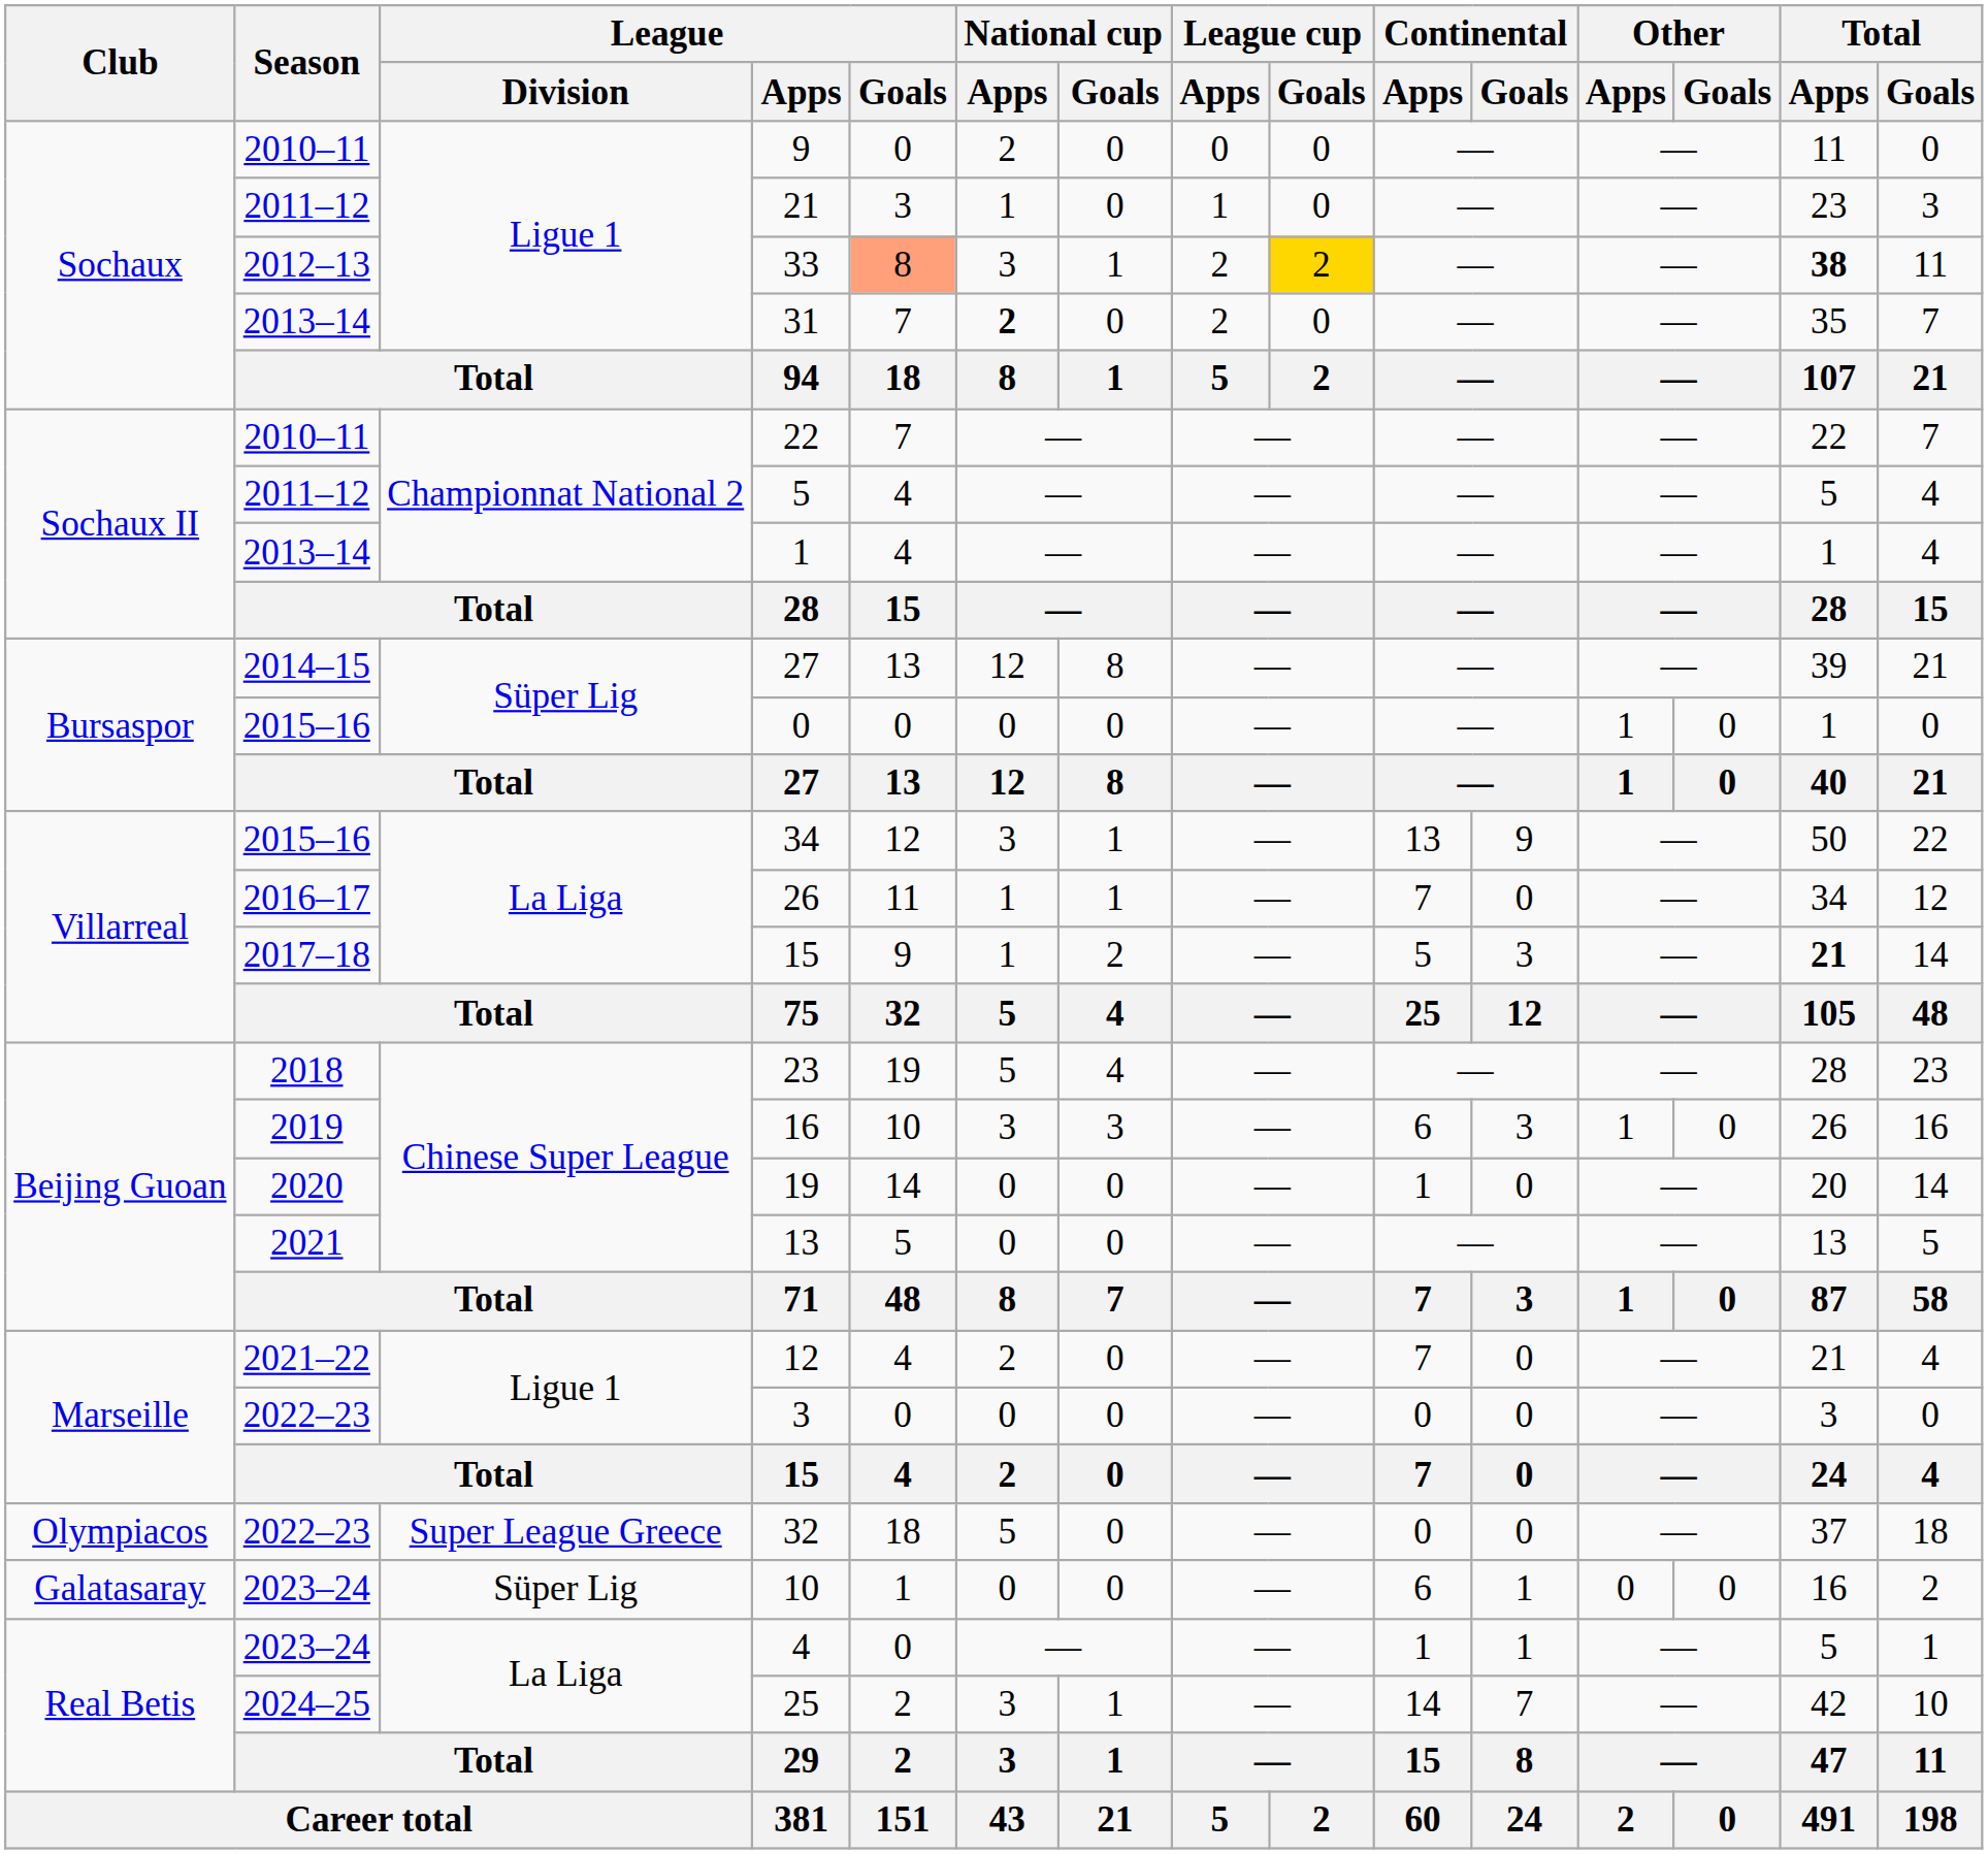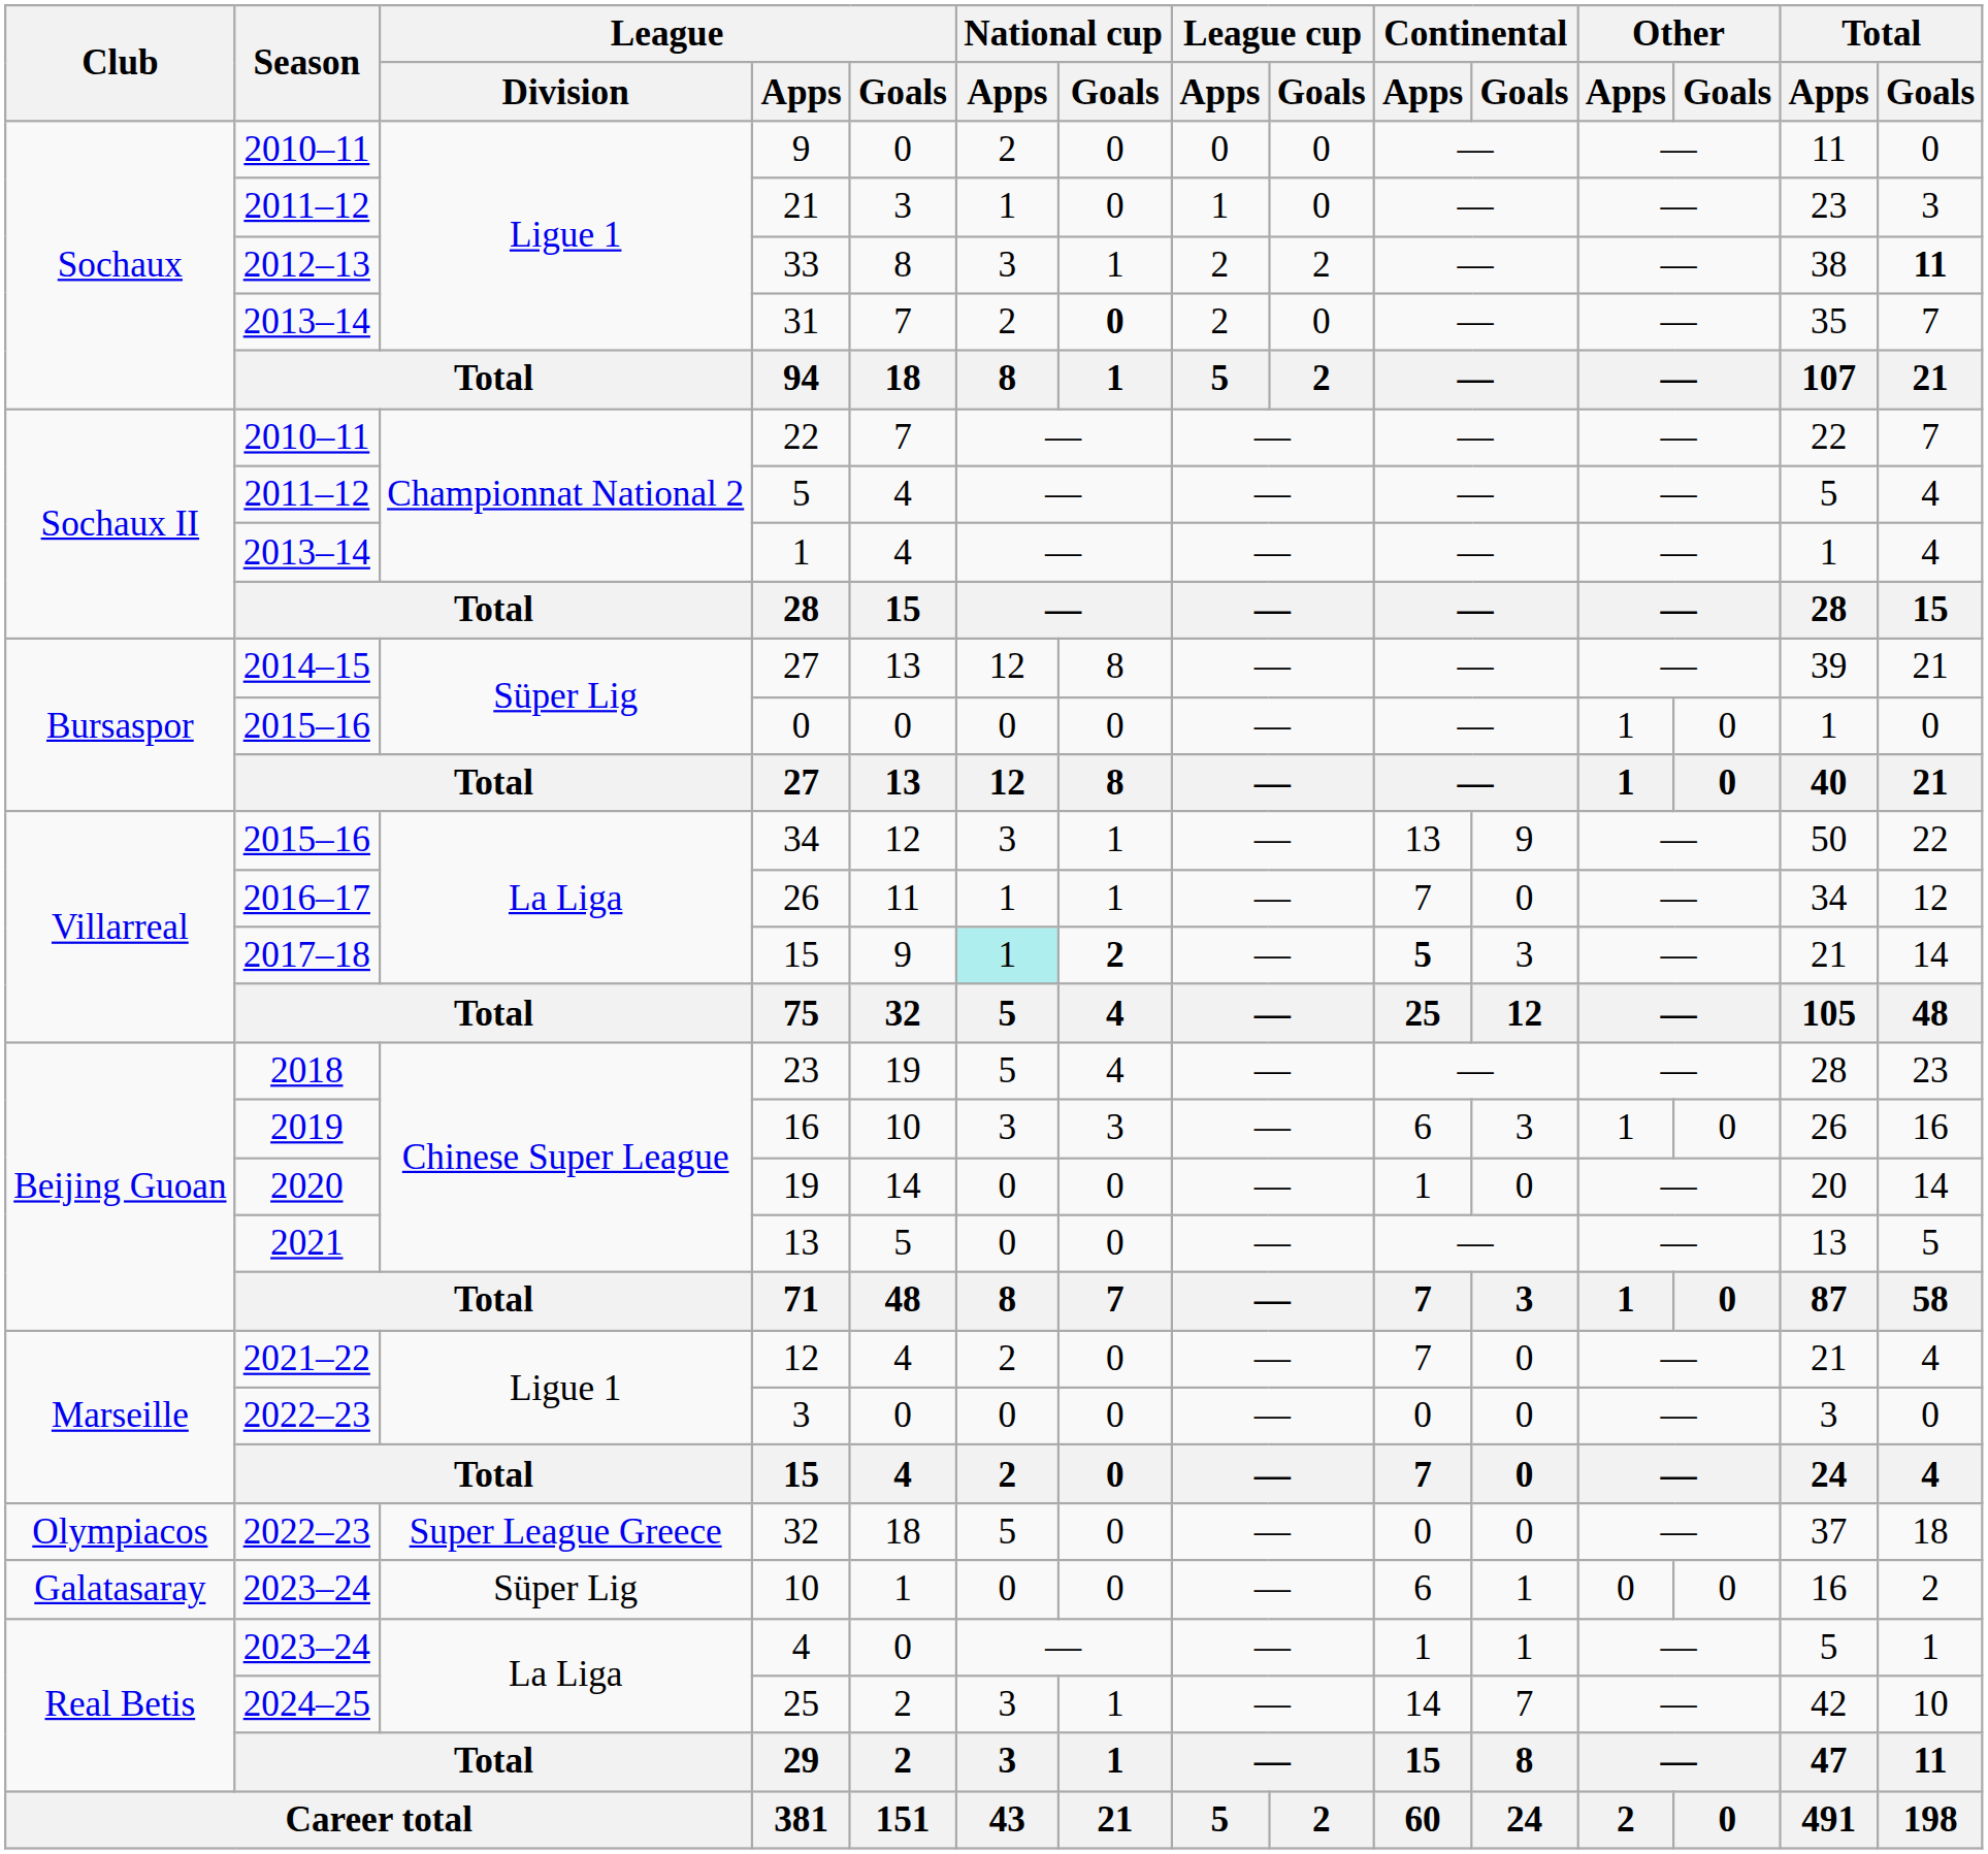 <table class="wikitable" style="text-align: center">
 <tr>
 <th rowspan="2">Club</th>
 <th rowspan="2">Season</th>
 <th colspan="3">League</th>
 <th colspan="2">National cup</th>
 <th colspan="2">League cup</th>
 <th colspan="2">Continental</th>
 <th colspan="2">Other</th>
 <th colspan="2">Total</th>
 </tr>
 <tr>
 <th>Division</th>
 <th>Apps</th>
 <th>Goals</th>
 <th>Apps</th>
 <th>Goals</th>
 <th>Apps</th>
 <th>Goals</th>
 <th>Apps</th>
 <th>Goals</th>
 <th>Apps</th>
 <th>Goals</th>
 <th>Apps</th>
 <th>Goals</th>
 </tr>
 <tr>
 <td rowspan="5"><a href='#'>Sochaux</a></td>
 <td><a href='#'>2010–11</a></td>
 <td rowspan="4"><a href='#'>Ligue 1</a></td>
 <td>9</td>
 <td>0</td>
 <td>2</td>
 <td>0</td>
 <td>0</td>
 <td>0</td>
 <td colspan="2">—</td>
 <td colspan="2">—</td>
 <td>11</td>
 <td>0</td>
 </tr>
 <tr>
 <td><a href='#'>2011–12</a></td>
 <td>21</td>
 <td>3</td>
 <td>1</td>
 <td>0</td>
 <td>1</td>
 <td>0</td>
 <td colspan="2">—</td>
 <td colspan="2">—</td>
 <td>23</td>
 <td>3</td>
 </tr>
 <tr>
 <td><a href='#'>2012–13</a></td>
 <td>33</td>
-<td style="background: lightsalmon;">8</td>
+<td>8</td>
 <td>3</td>
 <td>1</td>
 <td>2</td>
-<td style="background: gold;">2</td>
+<td>2</td>
 <td colspan="2">—</td>
 <td colspan="2">—</td>
-<td><strong>38</strong></td>
-<td>11</td>
+<td>38</td>
+<td><strong>11</strong></td>
 </tr>
 <tr>
 <td><a href='#'>2013–14</a></td>
 <td>31</td>
 <td>7</td>
-<td><strong>2</strong></td>
-<td>0</td>
+<td>2</td>
+<td><strong>0</strong></td>
 <td>2</td>
 <td>0</td>
 <td colspan="2">—</td>
 <td colspan="2">—</td>
 <td>35</td>
 <td>7</td>
 </tr>
 <tr>
 <th colspan="2">Total</th>
 <th>94</th>
 <th>18</th>
 <th>8</th>
 <th>1</th>
 <th>5</th>
 <th>2</th>
 <th colspan="2">—</th>
 <th colspan="2">—</th>
 <th>107</th>
 <th>21</th>
 </tr>
 <tr>
 <td rowspan="4"><a href='#'>Sochaux II</a></td>
 <td><a href='#'>2010–11</a></td>
 <td rowspan="3"><a href='#'>Championnat National 2</a></td>
 <td>22</td>
 <td>7</td>
 <td colspan="2">—</td>
 <td colspan="2">—</td>
 <td colspan="2">—</td>
 <td colspan="2">—</td>
 <td>22</td>
 <td>7</td>
 </tr>
 <tr>
 <td><a href='#'>2011–12</a></td>
 <td>5</td>
 <td>4</td>
 <td colspan="2">—</td>
 <td colspan="2">—</td>
 <td colspan="2">—</td>
 <td colspan="2">—</td>
 <td>5</td>
 <td>4</td>
 </tr>
 <tr>
 <td><a href='#'>2013–14</a></td>
 <td 2>1</td>
 <td>4</td>
 <td colspan="2">—</td>
 <td colspan="2">—</td>
 <td colspan="2">—</td>
 <td colspan="2">—</td>
 <td>1</td>
 <td>4</td>
 </tr>
 <tr>
 <th colspan="2">Total</th>
 <th>28</th>
 <th>15</th>
 <th colspan="2">—</th>
 <th colspan="2">—</th>
 <th colspan="2">—</th>
 <th colspan="2">—</th>
 <th>28</th>
 <th>15</th>
 </tr>
 <tr>
 <td rowspan="3"><a href='#'>Bursaspor</a></td>
 <td><a href='#'>2014–15</a></td>
 <td rowspan="2"><a href='#'>Süper Lig</a></td>
 <td>27</td>
 <td>13</td>
 <td>12</td>
 <td>8</td>
 <td colspan="2">—</td>
 <td colspan="2">—</td>
 <td colspan="2">—</td>
 <td>39</td>
 <td>21</td>
 </tr>
 <tr>
 <td><a href='#'>2015–16</a></td>
 <td>0</td>
 <td>0</td>
 <td>0</td>
 <td>0</td>
 <td colspan="2">—</td>
 <td colspan="2">—</td>
 <td>1</td>
 <td>0</td>
 <td>1</td>
 <td>0</td>
 </tr>
 <tr>
 <th colspan="2">Total</th>
 <th>27</th>
 <th>13</th>
 <th>12</th>
 <th>8</th>
 <th colspan="2">—</th>
 <th colspan="2">—</th>
 <th>1</th>
 <th>0</th>
 <th>40</th>
 <th>21</th>
 </tr>
 <tr>
 <td rowspan="4"><a href='#'>Villarreal</a></td>
 <td><a href='#'>2015–16</a></td>
 <td rowspan="3"><a href='#'>La Liga</a></td>
 <td>34</td>
 <td>12</td>
 <td>3</td>
 <td>1</td>
 <td colspan="2">—</td>
 <td>13</td>
 <td>9</td>
 <td colspan="2">—</td>
 <td>50</td>
 <td>22</td>
 </tr>
 <tr>
 <td><a href='#'>2016–17</a></td>
 <td>26</td>
 <td>11</td>
 <td>1</td>
 <td>1</td>
 <td colspan="2">—</td>
 <td>7</td>
 <td>0</td>
 <td colspan="2">—</td>
 <td>34</td>
 <td>12</td>
 </tr>
 <tr>
 <td><a href='#'>2017–18</a></td>
 <td>15</td>
 <td>9</td>
-<td>1</td>
-<td>2</td>
+<td style="background: paleturquoise;">1</td>
+<td><strong>2</strong></td>
 <td colspan="2">—</td>
-<td>5</td>
+<td><strong>5</strong></td>
 <td>3</td>
 <td colspan="2">—</td>
-<td><strong>21</strong></td>
+<td>21</td>
 <td>14</td>
 </tr>
 <tr>
 <th colspan="2">Total</th>
 <th>75</th>
 <th>32</th>
 <th>5</th>
 <th>4</th>
 <th colspan="2">—</th>
 <th>25</th>
 <th>12</th>
 <th colspan="2">—</th>
 <th>105</th>
 <th>48</th>
 </tr>
 <tr>
 <td rowspan="5"><a href='#'>Beijing Guoan</a></td>
 <td><a href='#'>2018</a></td>
 <td rowspan="4"><a href='#'>Chinese Super League</a></td>
 <td>23</td>
 <td>19</td>
 <td>5</td>
 <td>4</td>
 <td colspan="2">—</td>
 <td colspan="2">—</td>
 <td colspan="2">—</td>
 <td>28</td>
 <td>23</td>
 </tr>
 <tr>
 <td><a href='#'>2019</a></td>
 <td>16</td>
 <td>10</td>
 <td>3</td>
 <td>3</td>
 <td colspan="2">—</td>
 <td>6</td>
 <td>3</td>
 <td>1</td>
 <td>0</td>
 <td>26</td>
 <td>16</td>
 </tr>
 <tr>
 <td><a href='#'>2020</a></td>
 <td>19</td>
 <td>14</td>
 <td>0</td>
 <td>0</td>
 <td colspan="2">—</td>
 <td>1</td>
 <td>0</td>
 <td colspan="2">—</td>
 <td>20</td>
 <td>14</td>
 </tr>
 <tr>
 <td><a href='#'>2021</a></td>
 <td>13</td>
 <td>5</td>
 <td>0</td>
 <td>0</td>
 <td colspan="2">—</td>
 <td colspan="2">—</td>
 <td colspan="2">—</td>
 <td>13</td>
 <td>5</td>
 </tr>
 <tr>
 <th colspan="2">Total</th>
 <th>71</th>
 <th>48</th>
 <th>8</th>
 <th>7</th>
 <th colspan="2">—</th>
 <th>7</th>
 <th>3</th>
 <th>1</th>
 <th>0</th>
 <th>87</th>
 <th>58</th>
 </tr>
 <tr>
 <td rowspan="3"><a href='#'>Marseille</a></td>
 <td><a href='#'>2021–22</a></td>
 <td rowspan="2">Ligue 1</td>
 <td>12</td>
 <td>4</td>
 <td>2</td>
 <td>0</td>
 <td colspan="2">—</td>
 <td>7</td>
 <td>0</td>
 <td colspan="2">—</td>
 <td>21</td>
 <td>4</td>
 </tr>
 <tr>
 <td><a href='#'>2022–23</a></td>
 <td>3</td>
 <td>0</td>
 <td>0</td>
 <td>0</td>
 <td colspan="2">—</td>
 <td>0</td>
 <td>0</td>
 <td colspan="2">—</td>
 <td>3</td>
 <td>0</td>
 </tr>
 <tr>
 <th colspan="2">Total</th>
 <th>15</th>
 <th>4</th>
 <th>2</th>
 <th>0</th>
 <th colspan="2">—</th>
 <th>7</th>
 <th>0</th>
 <th colspan="2">—</th>
 <th>24</th>
 <th>4</th>
 </tr>
 <tr>
 <td><a href='#'>Olympiacos</a></td>
 <td><a href='#'>2022–23</a></td>
 <td><a href='#'>Super League Greece</a></td>
 <td>32</td>
 <td>18</td>
 <td>5</td>
 <td>0</td>
 <td colspan="2">—</td>
 <td>0</td>
 <td>0</td>
 <td colspan="2">—</td>
 <td>37</td>
 <td>18</td>
 </tr>
 <tr>
 <td><a href='#'>Galatasaray</a></td>
 <td><a href='#'>2023–24</a></td>
 <td>Süper Lig</td>
 <td>10</td>
 <td>1</td>
 <td>0</td>
 <td>0</td>
 <td colspan="2">—</td>
 <td>6</td>
 <td>1</td>
 <td>0</td>
 <td>0</td>
 <td>16</td>
 <td>2</td>
 </tr>
 <tr>
 <td rowspan="3"><a href='#'>Real Betis</a></td>
 <td><a href='#'>2023–24</a></td>
 <td rowspan="2">La Liga</td>
 <td>4</td>
 <td>0</td>
 <td colspan="2">—</td>
 <td colspan="2">—</td>
 <td>1</td>
 <td>1</td>
 <td colspan="2">—</td>
 <td>5</td>
 <td>1</td>
 </tr>
 <tr>
 <td><a href='#'>2024–25</a></td>
 <td>25</td>
 <td>2</td>
 <td>3</td>
 <td>1</td>
 <td colspan="2">—</td>
 <td>14</td>
 <td>7</td>
 <td colspan="2">—</td>
 <td>42</td>
 <td>10</td>
 </tr>
 <tr>
 <th colspan="2">Total</th>
 <th>29</th>
 <th>2</th>
 <th>3</th>
 <th>1</th>
 <th colspan="2">—</th>
 <th>15</th>
 <th>8</th>
 <th colspan="2">—</th>
 <th>47</th>
 <th>11</th>
 </tr>
 <tr>
 <th colspan="3">Career total</th>
 <th>381</th>
 <th>151</th>
 <th>43</th>
 <th>21</th>
 <th>5</th>
 <th>2</th>
 <th>60</th>
 <th>24</th>
 <th>2</th>
 <th>0</th>
 <th>491</th>
 <th>198</th>
 </tr>
 </table>
